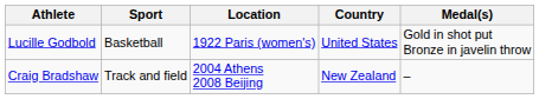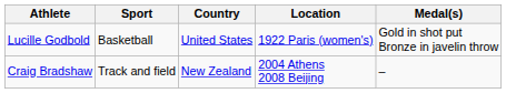 <table class="wikitable"; style= "text-align: ">
 <tr>
 <th width=px>Athlete</th>
 <th width=px>Sport</th>
+<th width=px>Country</th>
 <th width=px>Location</th>
-<th width=px>Country</th>
 <th width=px>Medal(s)</th>
 </tr>
 <tr>
 <td><a href='#'>Lucille Godbold</a></td>
 <td>Basketball</td>
+<td><a href='#'>United States</a></td>
 <td><a href='#'>1922 Paris (women's)</a></td>
-<td><a href='#'>United States</a></td>
 <td>Gold in shot put<br> Bronze in javelin throw</td>
 </tr>
 <tr>
 <td><a href='#'>Craig Bradshaw</a></td>
 <td>Track and field</td>
+<td><a href='#'>New Zealand</a></td>
 <td><a href='#'>2004 Athens</a><br><a href='#'>2008 Beijing</a></td>
-<td><a href='#'>New Zealand</a></td>
 <td>–</td>
 </tr>
 </table>
